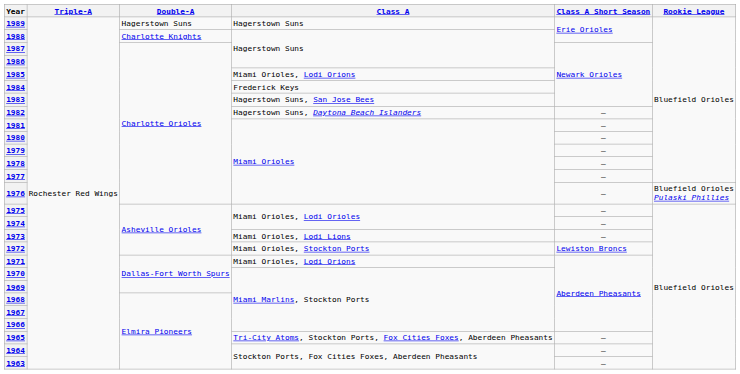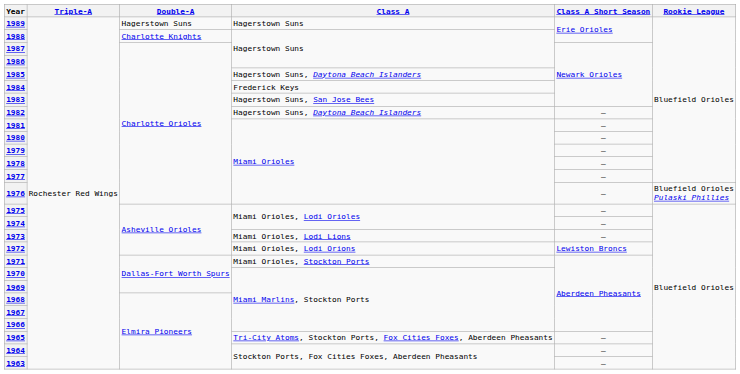 <table class="wikitable">
 <tr>
 <th>Year</th>
 <th><a href='#'><span>Triple-A</span></a></th>
 <th><a href='#'><span>Double-A</span></a></th>
 <th><a href='#'><span>Class A</span></a></th>
 <th><a href='#'><span>Class A Short Season</span></a></th>
 <th><a href='#'><span>Rookie League</span></a></th>
 </tr>
 <tr>
 <th><a href='#'>1989</a></th>
 <td rowspan=27>Rochester Red Wings</td>
 <td>Hagerstown Suns</td>
 <td>Hagerstown Suns</td>
 <td rowspan=2><a href='#'>Erie Orioles</a></td>
 <td rowspan=13>Bluefield Orioles</td>
 </tr>
 <tr>
 <th><a href='#'>1988</a></th>
 <td><a href='#'>Charlotte Knights</a></td>
 <td rowspan=3>Hagerstown Suns</td>
 </tr>
 <tr>
 <th><a href='#'>1987</a></th>
 <td rowspan=12><a href='#'>Charlotte Orioles</a></td>
 <td rowspan=5><a href='#'>Newark Orioles</a></td>
 </tr>
 <tr>
 <th><a href='#'>1986</a></th>
 </tr>
 <tr>
 <th><a href='#'>1985</a></th>
-<td>Miami Orioles, <a href='#'>Lodi Orions</a></td>
+<td>Hagerstown Suns, <em><a href='#'>Daytona Beach Islanders</a></em></td>
 </tr>
 <tr>
 <th><a href='#'>1984</a></th>
 <td>Frederick Keys</td>
 </tr>
 <tr>
 <th><a href='#'>1983</a></th>
 <td>Hagerstown Suns, <a href='#'>San Jose Bees</a></td>
 </tr>
 <tr>
 <th><a href='#'>1982</a></th>
 <td>Hagerstown Suns, <em><a href='#'>Daytona Beach Islanders</a></em></td>
 <td align="center">—</td>
 </tr>
 <tr>
 <th><a href='#'>1981</a></th>
 <td rowspan=6><a href='#'>Miami Orioles</a></td>
 <td align="center">—</td>
 </tr>
 <tr>
 <th><a href='#'>1980</a></th>
 <td align="center">—</td>
 </tr>
 <tr>
 <th><a href='#'>1979</a></th>
 <td align="center">—</td>
 </tr>
 <tr>
 <th><a href='#'>1978</a></th>
 <td align="center">—</td>
 </tr>
 <tr>
 <th><a href='#'>1977</a></th>
 <td align="center">—</td>
 </tr>
 <tr>
 <th><a href='#'>1976</a></th>
 <td align="center">—</td>
 <td>Bluefield Orioles<br><em><a href='#'>Pulaski Phillies</a></em></td>
 </tr>
 <tr>
 <th><a href='#'>1975</a></th>
 <td rowspan=4><a href='#'>Asheville Orioles</a></td>
 <td rowspan=2>Miami Orioles, <a href='#'>Lodi Orioles</a></td>
 <td align="center">—</td>
 <td rowspan=13>Bluefield Orioles</td>
 </tr>
 <tr>
 <th><a href='#'>1974</a></th>
 <td align="center">—</td>
 </tr>
 <tr>
 <th><a href='#'>1973</a></th>
 <td>Miami Orioles, <a href='#'>Lodi Lions</a></td>
 <td align="center">—</td>
 </tr>
 <tr>
 <th><a href='#'>1972</a></th>
-<td>Miami Orioles, <a href='#'>Stockton Ports</a></td>
+<td>Miami Orioles, <a href='#'>Lodi Orions</a></td>
 <td><a href='#'>Lewiston Broncs</a></td>
 </tr>
 <tr>
 <th><a href='#'>1971</a></th>
 <td rowspan=3><a href='#'>Dallas-Fort Worth Spurs</a></td>
-<td>Miami Orioles, <a href='#'>Lodi Orions</a></td>
+<td>Miami Orioles, <a href='#'>Stockton Ports</a></td>
 <td rowspan=6><a href='#'>Aberdeen Pheasants</a></td>
 </tr>
 <tr>
 <th><a href='#'>1970</a></th>
 <td rowspan=5><a href='#'>Miami Marlins</a>, Stockton Ports</td>
 </tr>
 <tr>
 <th><a href='#'>1969</a></th>
 </tr>
 <tr>
 <th><a href='#'>1968</a></th>
 <td rowspan=6><a href='#'>Elmira Pioneers</a></td>
 </tr>
 <tr>
 <th><a href='#'>1967</a></th>
 </tr>
 <tr>
 <th><a href='#'>1966</a></th>
 </tr>
 <tr>
 <th><a href='#'>1965</a></th>
 <td><a href='#'>Tri-City Atoms</a>, Stockton Ports, <a href='#'>Fox Cities Foxes</a>, Aberdeen Pheasants</td>
 <td align="center">—</td>
 </tr>
 <tr>
 <th><a href='#'>1964</a></th>
 <td rowspan=2>Stockton Ports, Fox Cities Foxes, Aberdeen Pheasants</td>
 <td align="center">—</td>
 </tr>
 <tr>
 <th><a href='#'>1963</a></th>
 <td align="center">—</td>
 </tr>
 </table>
